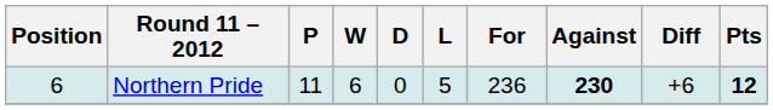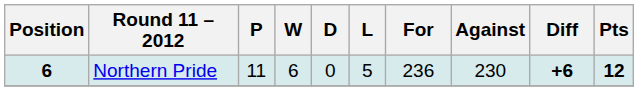 <table class="wikitable" style="text-align:center; font-size:85%;">
 <tr>
 <th width=40 abbr="Position">Position</th>
 <th width=100>Round 11 – 2012</th>
 <th width=20 abbr="Played">P</th>
 <th width=20 abbr="Won">W</th>
 <th width=20 abbr="Drawn">D</th>
 <th width=20 abbr="Lost">L</th>
 <th width=40 abbr="Points for">For</th>
 <th width=40 abbr="Points against">Against</th>
 <th width=40 abbr="Points difference">Diff</th>
 <th width=20 abbr="Points">Pts</th>
 </tr>
 <tr style="background: #d7ebed;">
-<td>6</td>
+<td><strong>6</strong></td>
 <td style="text-align:left;"> <a href='#'>Northern Pride</a></td>
 <td>11</td>
 <td>6</td>
 <td>0</td>
 <td>5</td>
 <td>236</td>
-<td><strong>230</strong></td>
-<td>+6</td>
+<td>230</td>
+<td><strong>+6</strong></td>
 <td><strong>12</strong></td>
 </tr>
 <tr>
 </tr>
 </table>
